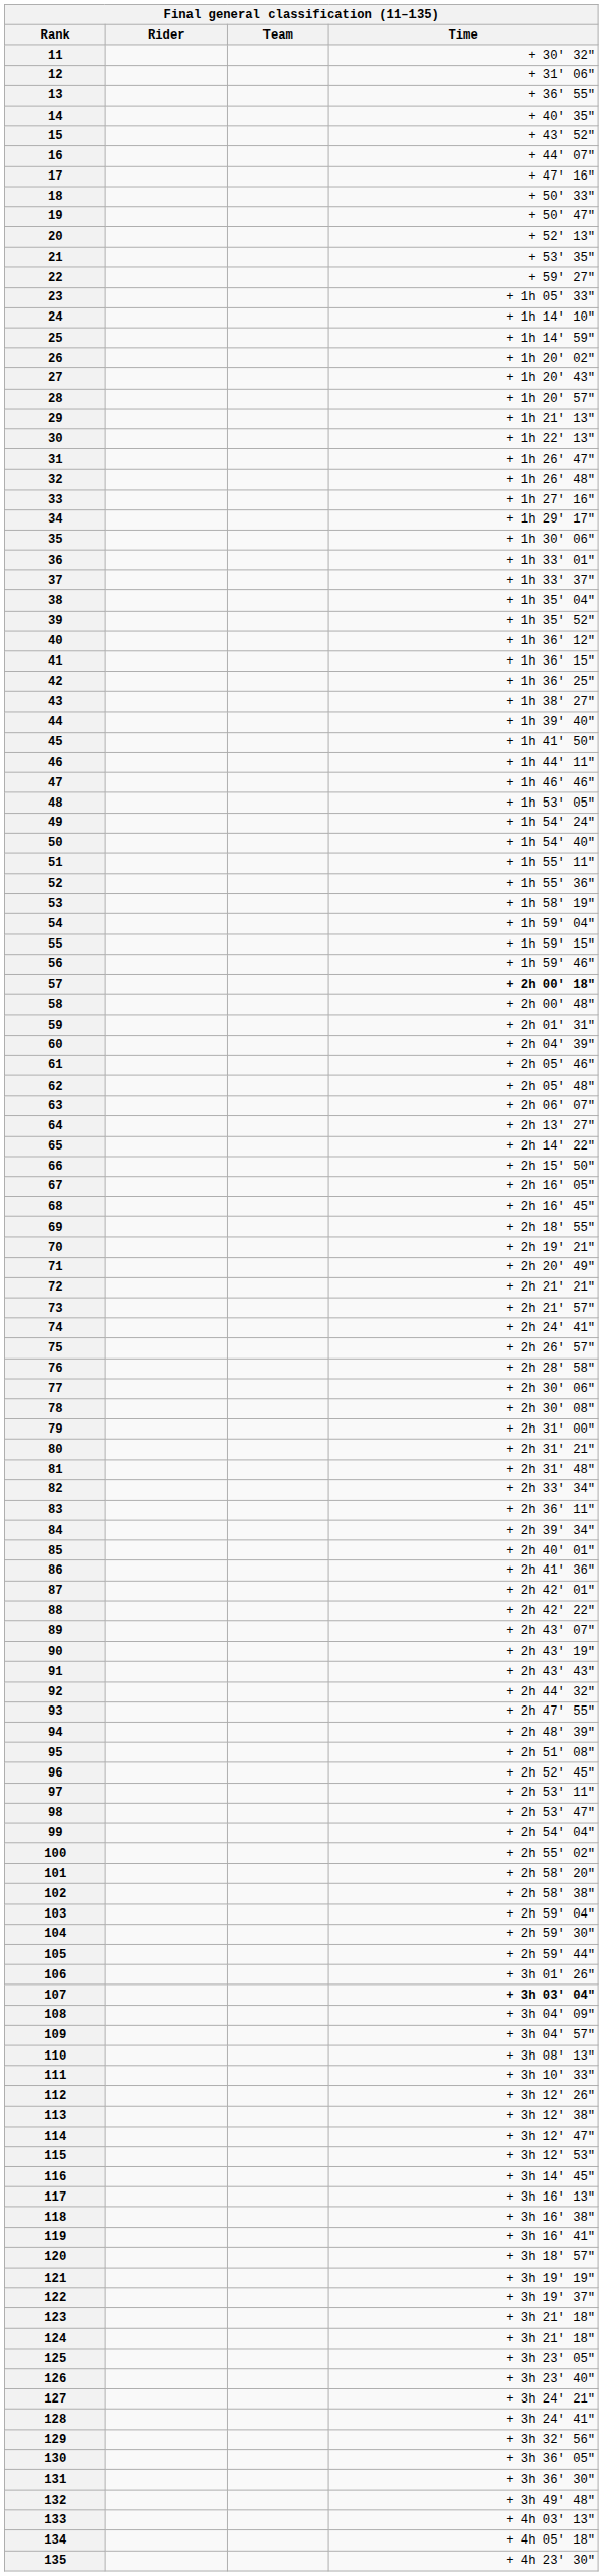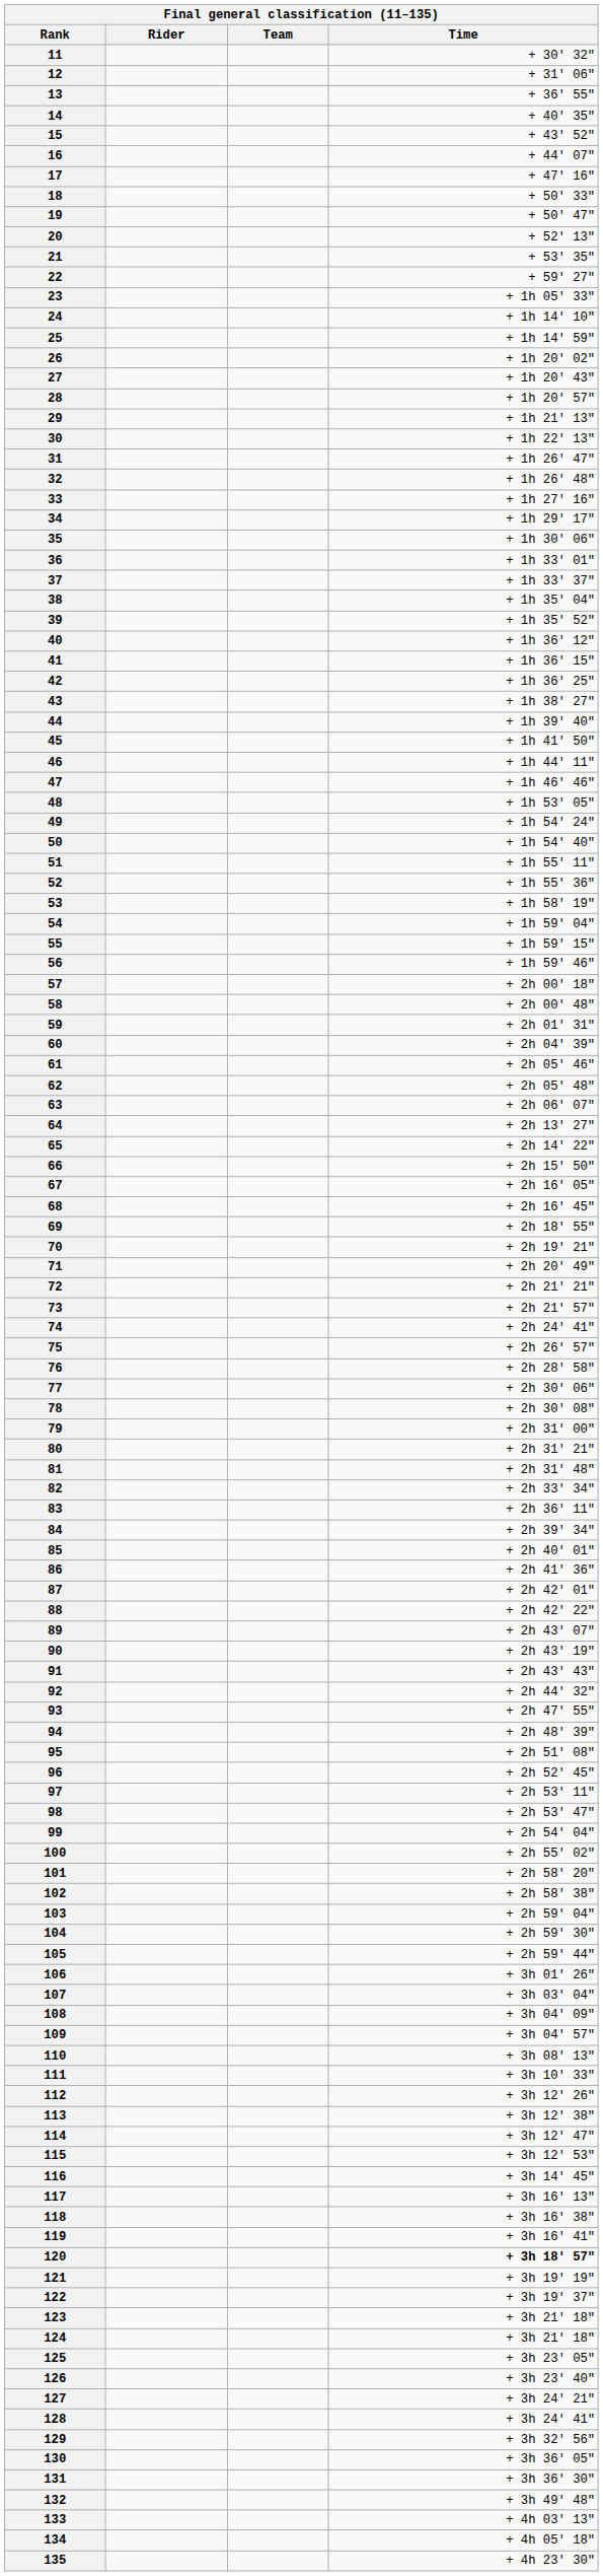 <table class="collapsible collapsed wikitable" style="width:48em;margin-top:-1px;">
 <tr>
 <th scope="col" colspan="4">Final general classification (11–135)</th>
 </tr>
 <tr>
 <th scope="col">Rank</th>
 <th scope="col">Rider</th>
 <th scope="col">Team</th>
 <th scope="col">Time</th>
 </tr>
 <tr |->
 <th scope="row">11</th>
 <td></td>
 <td></td>
 <td style="text-align:right;">+ 30' 32"</td>
 </tr>
 <tr>
 <th scope="row">12</th>
 <td></td>
 <td></td>
 <td style="text-align:right;">+ 31' 06"</td>
 </tr>
 <tr>
 <th scope="row">13</th>
 <td></td>
 <td></td>
 <td style="text-align:right;">+ 36' 55"</td>
 </tr>
 <tr>
 <th scope="row">14</th>
 <td></td>
 <td></td>
 <td style="text-align:right;">+ 40' 35"</td>
 </tr>
 <tr>
 <th scope="row">15</th>
 <td></td>
 <td></td>
 <td style="text-align:right;">+ 43' 52"</td>
 </tr>
 <tr>
 <th scope="row">16</th>
 <td></td>
 <td></td>
 <td style="text-align:right;">+ 44' 07"</td>
 </tr>
 <tr>
 <th scope="row">17</th>
 <td></td>
 <td></td>
 <td style="text-align:right;">+ 47' 16"</td>
 </tr>
 <tr>
 <th scope="row">18</th>
 <td></td>
 <td></td>
 <td style="text-align:right;">+ 50' 33"</td>
 </tr>
 <tr>
 <th scope="row">19</th>
 <td></td>
 <td></td>
 <td style="text-align:right;">+ 50' 47"</td>
 </tr>
 <tr>
 <th scope="row">20</th>
 <td></td>
 <td></td>
 <td style="text-align:right;">+ 52' 13"</td>
 </tr>
 <tr>
 <th scope="row">21</th>
 <td></td>
 <td></td>
 <td style="text-align:right;">+ 53' 35"</td>
 </tr>
 <tr>
 <th scope="row">22</th>
 <td></td>
 <td></td>
 <td style="text-align:right;">+ 59' 27"</td>
 </tr>
 <tr>
 <th scope="row">23</th>
 <td></td>
 <td></td>
 <td style="text-align:right;">+ 1h 05' 33"</td>
 </tr>
 <tr>
 <th scope="row">24</th>
 <td></td>
 <td></td>
 <td style="text-align:right;">+ 1h 14' 10"</td>
 </tr>
 <tr>
 <th scope="row">25</th>
 <td></td>
 <td></td>
 <td style="text-align:right;">+ 1h 14' 59"</td>
 </tr>
 <tr>
 <th scope="row">26</th>
 <td></td>
 <td></td>
 <td style="text-align:right;">+ 1h 20' 02"</td>
 </tr>
 <tr>
 <th scope="row">27</th>
 <td></td>
 <td></td>
 <td style="text-align:right;">+ 1h 20' 43"</td>
 </tr>
 <tr>
 <th scope="row">28</th>
 <td></td>
 <td></td>
 <td style="text-align:right;">+ 1h 20' 57"</td>
 </tr>
 <tr>
 <th scope="row">29</th>
 <td></td>
 <td></td>
 <td style="text-align:right;">+ 1h 21' 13"</td>
 </tr>
 <tr>
 <th scope="row">30</th>
 <td></td>
 <td></td>
 <td style="text-align:right;">+ 1h 22' 13"</td>
 </tr>
 <tr>
 <th scope="row">31</th>
 <td></td>
 <td></td>
 <td style="text-align:right;">+ 1h 26' 47"</td>
 </tr>
 <tr>
 <th scope="row">32</th>
 <td></td>
 <td></td>
 <td style="text-align:right;">+ 1h 26' 48"</td>
 </tr>
 <tr>
 <th scope="row">33</th>
 <td></td>
 <td></td>
 <td style="text-align:right;">+ 1h 27' 16"</td>
 </tr>
 <tr>
 <th scope="row">34</th>
 <td></td>
 <td></td>
 <td style="text-align:right;">+ 1h 29' 17"</td>
 </tr>
 <tr>
 <th scope="row">35</th>
 <td></td>
 <td></td>
 <td style="text-align:right;">+ 1h 30' 06"</td>
 </tr>
 <tr>
 <th scope="row">36</th>
 <td></td>
 <td></td>
 <td style="text-align:right;">+ 1h 33' 01"</td>
 </tr>
 <tr>
 <th scope="row">37</th>
 <td></td>
 <td></td>
 <td style="text-align:right;">+ 1h 33' 37"</td>
 </tr>
 <tr>
 <th scope="row">38</th>
 <td></td>
 <td></td>
 <td style="text-align:right;">+ 1h 35' 04"</td>
 </tr>
 <tr>
 <th scope="row">39</th>
 <td></td>
 <td></td>
 <td style="text-align:right;">+ 1h 35' 52"</td>
 </tr>
 <tr>
 <th scope="row">40</th>
 <td></td>
 <td></td>
 <td style="text-align:right;">+ 1h 36' 12"</td>
 </tr>
 <tr>
 <th scope="row">41</th>
 <td></td>
 <td></td>
 <td style="text-align:right;">+ 1h 36' 15"</td>
 </tr>
 <tr>
 <th scope="row">42</th>
 <td></td>
 <td></td>
 <td style="text-align:right;">+ 1h 36' 25"</td>
 </tr>
 <tr>
 <th scope="row">43</th>
 <td></td>
 <td></td>
 <td style="text-align:right;">+ 1h 38' 27"</td>
 </tr>
 <tr>
 <th scope="row">44</th>
 <td></td>
 <td></td>
 <td style="text-align:right;">+ 1h 39' 40"</td>
 </tr>
 <tr>
 <th scope="row">45</th>
 <td></td>
 <td></td>
 <td style="text-align:right;">+ 1h 41' 50"</td>
 </tr>
 <tr>
 <th scope="row">46</th>
 <td></td>
 <td></td>
 <td style="text-align:right;">+ 1h 44' 11"</td>
 </tr>
 <tr>
 <th scope="row">47</th>
 <td></td>
 <td></td>
 <td style="text-align:right;">+ 1h 46' 46"</td>
 </tr>
 <tr>
 <th scope="row">48</th>
 <td></td>
 <td></td>
 <td style="text-align:right;">+ 1h 53' 05"</td>
 </tr>
 <tr>
 <th scope="row">49</th>
 <td></td>
 <td></td>
 <td style="text-align:right;">+ 1h 54' 24"</td>
 </tr>
 <tr>
 <th scope="row">50</th>
 <td></td>
 <td></td>
 <td style="text-align:right;">+ 1h 54' 40"</td>
 </tr>
 <tr>
 <th scope="row">51</th>
 <td></td>
 <td></td>
 <td style="text-align:right;">+ 1h 55' 11"</td>
 </tr>
 <tr>
 <th scope="row">52</th>
 <td></td>
 <td></td>
 <td style="text-align:right;">+ 1h 55' 36"</td>
 </tr>
 <tr>
 <th scope="row">53</th>
 <td></td>
 <td></td>
 <td style="text-align:right;">+ 1h 58' 19"</td>
 </tr>
 <tr>
 <th scope="row">54</th>
 <td></td>
 <td></td>
 <td style="text-align:right;">+ 1h 59' 04"</td>
 </tr>
 <tr>
 <th scope="row">55</th>
 <td></td>
 <td></td>
 <td style="text-align:right;">+ 1h 59' 15"</td>
 </tr>
 <tr>
 <th scope="row">56</th>
 <td></td>
 <td></td>
 <td style="text-align:right;">+ 1h 59' 46"</td>
 </tr>
 <tr>
 <th scope="row">57</th>
 <td></td>
 <td></td>
-<td style="text-align:right;"><strong>+ 2h 00' 18"</strong></td>
+<td style="text-align:right;">+ 2h 00' 18"</td>
 </tr>
 <tr>
 <th scope="row">58</th>
 <td></td>
 <td></td>
 <td style="text-align:right;">+ 2h 00' 48"</td>
 </tr>
 <tr>
 <th scope="row">59</th>
 <td></td>
 <td></td>
 <td style="text-align:right;">+ 2h 01' 31"</td>
 </tr>
 <tr>
 <th scope="row">60</th>
 <td></td>
 <td></td>
 <td style="text-align:right;">+ 2h 04' 39"</td>
 </tr>
 <tr>
 <th scope="row">61</th>
 <td></td>
 <td></td>
 <td style="text-align:right;">+ 2h 05' 46"</td>
 </tr>
 <tr>
 <th scope="row">62</th>
 <td></td>
 <td></td>
 <td style="text-align:right;">+ 2h 05' 48"</td>
 </tr>
 <tr>
 <th scope="row">63</th>
 <td></td>
 <td></td>
 <td style="text-align:right;">+ 2h 06' 07"</td>
 </tr>
 <tr>
 <th scope="row">64</th>
 <td></td>
 <td></td>
 <td style="text-align:right;">+ 2h 13' 27"</td>
 </tr>
 <tr>
 <th scope="row">65</th>
 <td></td>
 <td></td>
 <td style="text-align:right;">+ 2h 14' 22"</td>
 </tr>
 <tr>
 <th scope="row">66</th>
 <td></td>
 <td></td>
 <td style="text-align:right;">+ 2h 15' 50"</td>
 </tr>
 <tr>
 <th scope="row">67</th>
 <td></td>
 <td></td>
 <td style="text-align:right;">+ 2h 16' 05"</td>
 </tr>
 <tr>
 <th scope="row">68</th>
 <td></td>
 <td></td>
 <td style="text-align:right;">+ 2h 16' 45"</td>
 </tr>
 <tr>
 <th scope="row">69</th>
 <td></td>
 <td></td>
 <td style="text-align:right;">+ 2h 18' 55"</td>
 </tr>
 <tr>
 <th scope="row">70</th>
 <td></td>
 <td></td>
 <td style="text-align:right;">+ 2h 19' 21"</td>
 </tr>
 <tr>
 <th scope="row">71</th>
 <td></td>
 <td></td>
 <td style="text-align:right;">+ 2h 20' 49"</td>
 </tr>
 <tr>
 <th scope="row">72</th>
 <td></td>
 <td></td>
 <td style="text-align:right;">+ 2h 21' 21"</td>
 </tr>
 <tr>
 <th scope="row">73</th>
 <td></td>
 <td></td>
 <td style="text-align:right;">+ 2h 21' 57"</td>
 </tr>
 <tr>
 <th scope="row">74</th>
 <td></td>
 <td></td>
 <td style="text-align:right;">+ 2h 24' 41"</td>
 </tr>
 <tr>
 <th scope="row">75</th>
 <td></td>
 <td></td>
 <td style="text-align:right;">+ 2h 26' 57"</td>
 </tr>
 <tr>
 <th scope="row">76</th>
 <td></td>
 <td></td>
 <td style="text-align:right;">+ 2h 28' 58"</td>
 </tr>
 <tr>
 <th scope="row">77</th>
 <td></td>
 <td></td>
 <td style="text-align:right;">+ 2h 30' 06"</td>
 </tr>
 <tr>
 <th scope="row">78</th>
 <td></td>
 <td></td>
 <td style="text-align:right;">+ 2h 30' 08"</td>
 </tr>
 <tr>
 <th scope="row">79</th>
 <td></td>
 <td></td>
 <td style="text-align:right;">+ 2h 31' 00"</td>
 </tr>
 <tr>
 <th scope="row">80</th>
 <td> </td>
 <td></td>
 <td style="text-align:right;">+ 2h 31' 21"</td>
 </tr>
 <tr>
 <th scope="row">81</th>
 <td></td>
 <td></td>
 <td style="text-align:right;">+ 2h 31' 48"</td>
 </tr>
 <tr>
 <th scope="row">82</th>
 <td></td>
 <td></td>
 <td style="text-align:right;">+ 2h 33' 34"</td>
 </tr>
 <tr>
 <th scope="row">83</th>
 <td></td>
 <td></td>
 <td style="text-align:right;">+ 2h 36' 11"</td>
 </tr>
 <tr>
 <th scope="row">84</th>
 <td></td>
 <td></td>
 <td style="text-align:right;">+ 2h 39' 34"</td>
 </tr>
 <tr>
 <th scope="row">85</th>
 <td></td>
 <td></td>
 <td style="text-align:right;">+ 2h 40' 01"</td>
 </tr>
 <tr>
 <th scope="row">86</th>
 <td></td>
 <td></td>
 <td style="text-align:right;">+ 2h 41' 36"</td>
 </tr>
 <tr>
 <th scope="row">87</th>
 <td></td>
 <td></td>
 <td style="text-align:right;">+ 2h 42' 01"</td>
 </tr>
 <tr>
 <th scope="row">88</th>
 <td></td>
 <td></td>
 <td style="text-align:right;">+ 2h 42' 22"</td>
 </tr>
 <tr>
 <th scope="row">89</th>
 <td></td>
 <td></td>
 <td style="text-align:right;">+ 2h 43' 07"</td>
 </tr>
 <tr>
 <th scope="row">90</th>
 <td></td>
 <td></td>
 <td style="text-align:right;">+ 2h 43' 19"</td>
 </tr>
 <tr>
 <th scope="row">91</th>
 <td></td>
 <td></td>
 <td style="text-align:right;">+ 2h 43' 43"</td>
 </tr>
 <tr>
 <th scope="row">92</th>
 <td></td>
 <td></td>
 <td style="text-align:right;">+ 2h 44' 32"</td>
 </tr>
 <tr>
 <th scope="row">93</th>
 <td></td>
 <td></td>
 <td style="text-align:right;">+ 2h 47' 55"</td>
 </tr>
 <tr>
 <th scope="row">94</th>
 <td></td>
 <td></td>
 <td style="text-align:right;">+ 2h 48' 39"</td>
 </tr>
 <tr>
 <th scope="row">95</th>
 <td></td>
 <td></td>
 <td style="text-align:right;">+ 2h 51' 08"</td>
 </tr>
 <tr>
 <th scope="row">96</th>
 <td></td>
 <td></td>
 <td style="text-align:right;">+ 2h 52' 45"</td>
 </tr>
 <tr>
 <th scope="row">97</th>
 <td></td>
 <td></td>
 <td style="text-align:right;">+ 2h 53' 11"</td>
 </tr>
 <tr>
 <th scope="row">98</th>
 <td></td>
 <td></td>
 <td style="text-align:right;">+ 2h 53' 47"</td>
 </tr>
 <tr>
 <th scope="row">99</th>
 <td></td>
 <td></td>
 <td style="text-align:right;">+ 2h 54' 04"</td>
 </tr>
 <tr>
 <th scope="row">100</th>
 <td></td>
 <td></td>
 <td style="text-align:right;">+ 2h 55' 02"</td>
 </tr>
 <tr>
 <th scope="row">101</th>
 <td></td>
 <td></td>
 <td style="text-align:right;">+ 2h 58' 20"</td>
 </tr>
 <tr>
 <th scope="row">102</th>
 <td></td>
 <td></td>
 <td style="text-align:right;">+ 2h 58' 38"</td>
 </tr>
 <tr>
 <th scope="row">103</th>
 <td></td>
 <td></td>
 <td style="text-align:right;">+ 2h 59' 04"</td>
 </tr>
 <tr>
 <th scope="row">104</th>
 <td></td>
 <td></td>
 <td style="text-align:right;">+ 2h 59' 30"</td>
 </tr>
 <tr>
 <th scope="row">105</th>
 <td></td>
 <td></td>
 <td style="text-align:right;">+ 2h 59' 44"</td>
 </tr>
 <tr>
 <th scope="row">106</th>
 <td></td>
 <td></td>
 <td style="text-align:right;">+ 3h 01' 26"</td>
 </tr>
 <tr>
 <th scope="row">107</th>
 <td></td>
 <td></td>
-<td style="text-align:right;"><strong>+ 3h 03' 04"</strong></td>
+<td style="text-align:right;">+ 3h 03' 04"</td>
 </tr>
 <tr>
 <th scope="row">108</th>
 <td></td>
 <td></td>
 <td style="text-align:right;">+ 3h 04' 09"</td>
 </tr>
 <tr>
 <th scope="row">109</th>
 <td></td>
 <td></td>
 <td style="text-align:right;">+ 3h 04' 57"</td>
 </tr>
 <tr>
 <th scope="row">110</th>
 <td></td>
 <td></td>
 <td style="text-align:right;">+ 3h 08' 13"</td>
 </tr>
 <tr>
 <th scope="row">111</th>
 <td></td>
 <td></td>
 <td style="text-align:right;">+ 3h 10' 33"</td>
 </tr>
 <tr>
 <th scope="row">112</th>
 <td></td>
 <td></td>
 <td style="text-align:right;">+ 3h 12' 26"</td>
 </tr>
 <tr>
 <th scope="row">113</th>
 <td></td>
 <td></td>
 <td style="text-align:right;">+ 3h 12' 38"</td>
 </tr>
 <tr>
 <th scope="row">114</th>
 <td></td>
 <td></td>
 <td style="text-align:right;">+ 3h 12' 47"</td>
 </tr>
 <tr>
 <th scope="row">115</th>
 <td></td>
 <td></td>
 <td style="text-align:right;">+ 3h 12' 53"</td>
 </tr>
 <tr>
 <th scope="row">116</th>
 <td></td>
 <td></td>
 <td style="text-align:right;">+ 3h 14' 45"</td>
 </tr>
 <tr>
 <th scope="row">117</th>
 <td></td>
 <td></td>
 <td style="text-align:right;">+ 3h 16' 13"</td>
 </tr>
 <tr>
 <th scope="row">118</th>
 <td></td>
 <td></td>
 <td style="text-align:right;">+ 3h 16' 38"</td>
 </tr>
 <tr>
 <th scope="row">119</th>
 <td></td>
 <td></td>
 <td style="text-align:right;">+ 3h 16' 41"</td>
 </tr>
 <tr>
 <th scope="row">120</th>
 <td></td>
 <td></td>
-<td style="text-align:right;">+ 3h 18' 57"</td>
+<td style="text-align:right;"><strong>+ 3h 18' 57"</strong></td>
 </tr>
 <tr>
 <th scope="row">121</th>
 <td></td>
 <td></td>
 <td style="text-align:right;">+ 3h 19' 19"</td>
 </tr>
 <tr>
 <th scope="row">122</th>
 <td></td>
 <td></td>
 <td style="text-align:right;">+ 3h 19' 37"</td>
 </tr>
 <tr>
 <th scope="row">123</th>
 <td></td>
 <td></td>
 <td style="text-align:right;">+ 3h 21' 18"</td>
 </tr>
 <tr>
 <th scope="row">124</th>
 <td></td>
 <td></td>
 <td style="text-align:right;">+ 3h 21' 18"</td>
 </tr>
 <tr>
 <th scope="row">125</th>
 <td></td>
 <td></td>
 <td style="text-align:right;">+ 3h 23' 05"</td>
 </tr>
 <tr>
 <th scope="row">126</th>
 <td></td>
 <td></td>
 <td style="text-align:right;">+ 3h 23' 40"</td>
 </tr>
 <tr>
 <th scope="row">127</th>
 <td></td>
 <td></td>
 <td style="text-align:right;">+ 3h 24' 21"</td>
 </tr>
 <tr>
 <th scope="row">128</th>
 <td></td>
 <td></td>
 <td style="text-align:right;">+ 3h 24' 41"</td>
 </tr>
 <tr>
 <th scope="row">129</th>
 <td></td>
 <td></td>
 <td style="text-align:right;">+ 3h 32' 56"</td>
 </tr>
 <tr>
 <th scope="row">130</th>
 <td> </td>
 <td></td>
 <td style="text-align:right;">+ 3h 36' 05"</td>
 </tr>
 <tr>
 <th scope="row">131</th>
 <td></td>
 <td></td>
 <td style="text-align:right;">+ 3h 36' 30"</td>
 </tr>
 <tr>
 <th scope="row">132</th>
 <td></td>
 <td></td>
 <td style="text-align:right;">+ 3h 49' 48"</td>
 </tr>
 <tr>
 <th scope="row">133</th>
 <td></td>
 <td></td>
 <td style="text-align:right;">+ 4h 03' 13"</td>
 </tr>
 <tr>
 <th scope="row">134</th>
 <td></td>
 <td></td>
 <td style="text-align:right;">+ 4h 05' 18"</td>
 </tr>
 <tr>
 <th scope="row">135</th>
 <td></td>
 <td></td>
 <td style="text-align:right;">+ 4h 23' 30"</td>
 </tr>
 </table>
